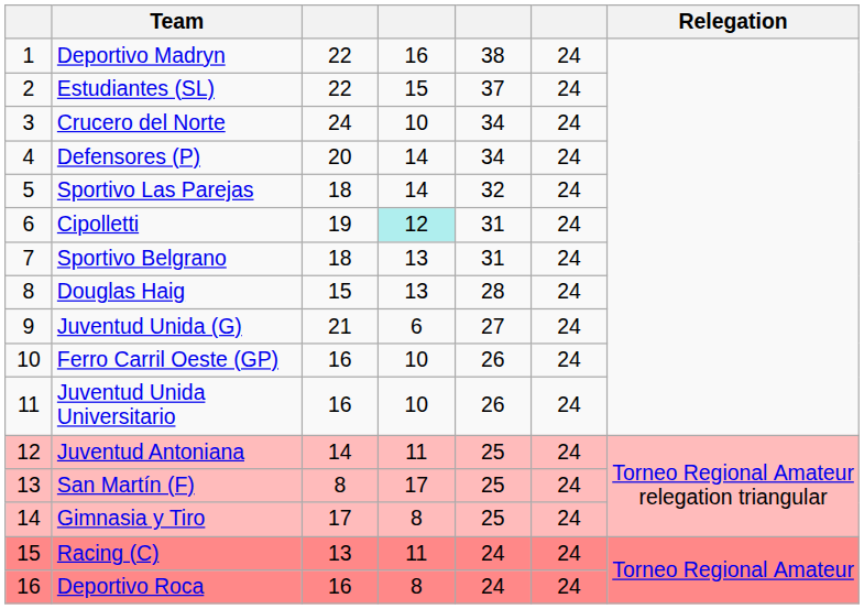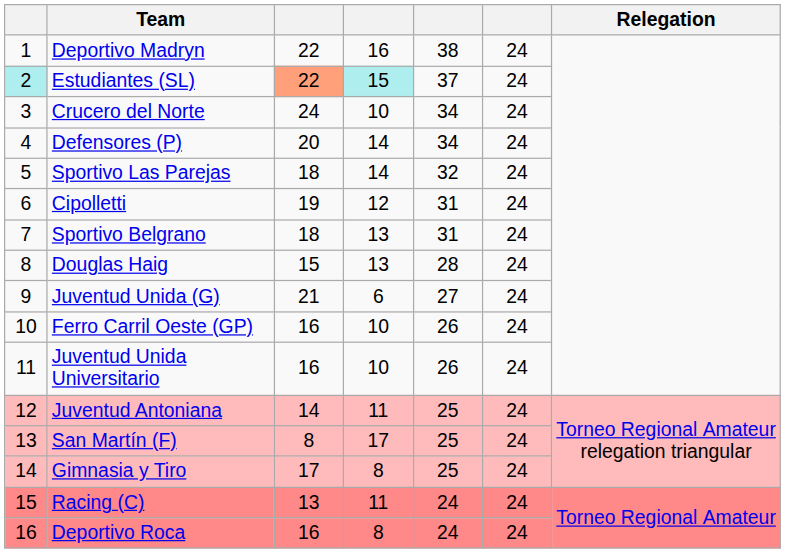 <table class="wikitable" style="text-align: center;">
 <tr>
 <th width=28><br></th>
 <th width=180>Team</th>
 <th width=50></th>
 <th width=50></th>
 <th width=50></th>
 <th width=50></th>
 <th width=120>Relegation</th>
 </tr>
 <tr>
 <td>1</td>
 <td align="left"><a href='#'>Deportivo Madryn</a></td>
 <td>22</td>
 <td>16</td>
 <td>38</td>
 <td>24</td>
 <td rowspan=11></td>
 </tr>
 <tr>
-<td>2</td>
+<td style="background: paleturquoise;">2</td>
 <td align="left"><a href='#'>Estudiantes (SL)</a></td>
-<td>22</td>
-<td>15</td>
+<td style="background: lightsalmon;">22</td>
+<td style="background: paleturquoise;">15</td>
 <td>37</td>
 <td>24</td>
 </tr>
 <tr>
 <td>3</td>
 <td align="left"><a href='#'>Crucero del Norte</a></td>
 <td>24</td>
 <td>10</td>
 <td>34</td>
 <td>24</td>
 </tr>
 <tr>
 <td>4</td>
 <td align="left"><a href='#'>Defensores (P)</a></td>
 <td>20</td>
 <td>14</td>
 <td>34</td>
 <td>24</td>
 </tr>
 <tr>
 <td>5</td>
 <td align="left"><a href='#'>Sportivo Las Parejas</a></td>
 <td>18</td>
 <td>14</td>
 <td>32</td>
 <td>24</td>
 </tr>
 <tr>
 <td>6</td>
 <td align="left"><a href='#'>Cipolletti</a></td>
 <td>19</td>
-<td style="background: paleturquoise;">12</td>
+<td>12</td>
 <td>31</td>
 <td>24</td>
 </tr>
 <tr>
 <td>7</td>
 <td align="left"><a href='#'>Sportivo Belgrano</a></td>
 <td>18</td>
 <td>13</td>
 <td>31</td>
 <td>24</td>
 </tr>
 <tr>
 <td>8</td>
 <td align="left"><a href='#'>Douglas Haig</a></td>
 <td>15</td>
 <td>13</td>
 <td>28</td>
 <td>24</td>
 </tr>
 <tr>
 <td>9</td>
 <td align="left"><a href='#'>Juventud Unida (G)</a></td>
 <td>21</td>
 <td>6</td>
 <td>27</td>
 <td>24</td>
 </tr>
 <tr>
 <td>10</td>
 <td align="left"><a href='#'>Ferro Carril Oeste (GP)</a></td>
 <td>16</td>
 <td>10</td>
 <td>26</td>
 <td>24</td>
 </tr>
 <tr>
 <td>11</td>
 <td align="left"><a href='#'>Juventud Unida Universitario</a></td>
 <td>16</td>
 <td>10</td>
 <td>26</td>
 <td>24</td>
 </tr>
 <tr bgcolor=#FFBBBB>
 <td>12</td>
 <td align="left"><a href='#'>Juventud Antoniana</a></td>
 <td>14</td>
 <td>11</td>
 <td>25</td>
 <td>24</td>
 <td rowspan=3><a href='#'>Torneo Regional Amateur</a> relegation triangular</td>
 </tr>
 <tr bgcolor=#FFBBBB>
 <td>13</td>
 <td align="left"><a href='#'>San Martín (F)</a></td>
 <td>8</td>
 <td>17</td>
 <td>25</td>
 <td>24</td>
 </tr>
 <tr bgcolor=#FFBBBB>
 <td>14</td>
 <td align="left"><a href='#'>Gimnasia y Tiro</a></td>
 <td>17</td>
 <td>8</td>
 <td>25</td>
 <td>24</td>
 </tr>
 <tr bgcolor=#FF8888>
 <td>15</td>
 <td align="left"><a href='#'>Racing (C)</a></td>
 <td>13</td>
 <td>11</td>
 <td>24</td>
 <td>24</td>
 <td rowspan=2><a href='#'>Torneo Regional Amateur</a></td>
 </tr>
 <tr bgcolor=#FF8888>
 <td>16</td>
 <td align="left"><a href='#'>Deportivo Roca</a></td>
 <td>16</td>
 <td>8</td>
 <td>24</td>
 <td>24</td>
 </tr>
 </table>
